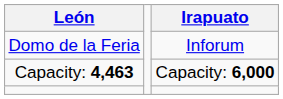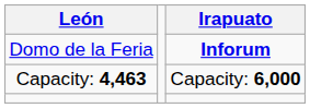 <table class="wikitable floatright" style="text-align:center";>
 <tr>
 <th><a href='#'>León</a></th>
 <td rowspan=4></td>
 <th><a href='#'>Irapuato</a></th>
 </tr>
 <tr>
 <td><a href='#'>Domo de la Feria</a></td>
-<td><a href='#'>Inforum</a></td>
+<td><strong><a href='#'>Inforum</a></strong></td>
 </tr>
 <tr>
 <td>Capacity: <strong>4,463</strong></td>
 <td>Capacity: <strong>6,000</strong></td>
 </tr>
 <tr>
 <td></td>
 <td></td>
 </tr>
 </table>
